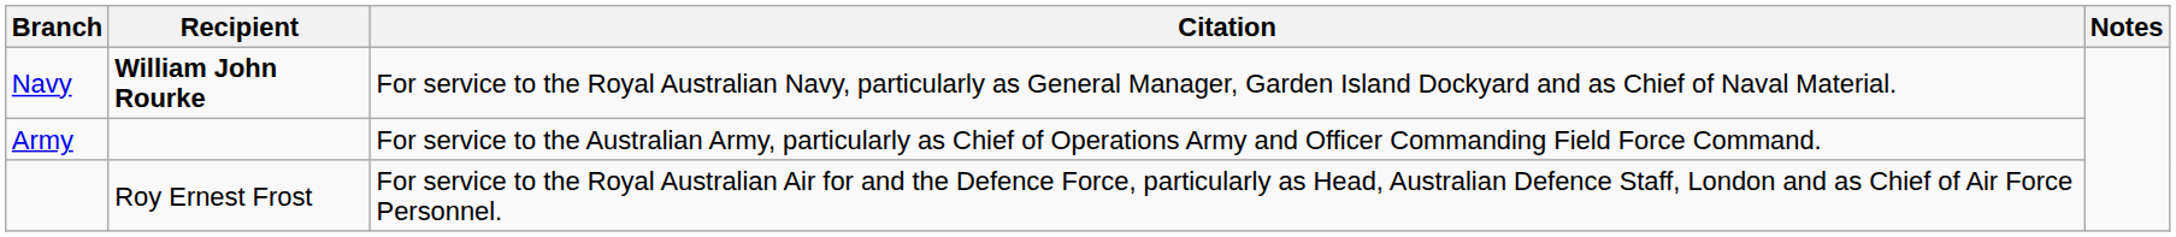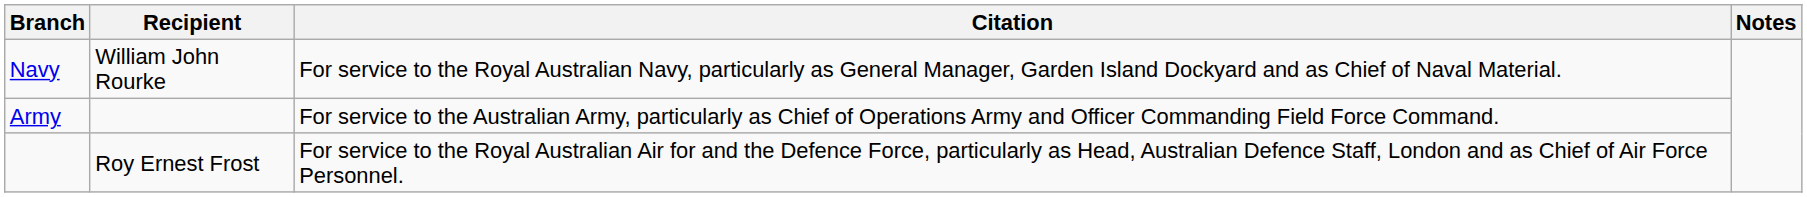 <table class="wikitable" style="font-size:95%;">
 <tr>
 <th>Branch</th>
 <th>Recipient</th>
 <th>Citation</th>
 <th>Notes</th>
 </tr>
 <tr>
 <td><a href='#'>Navy</a></td>
-<td><strong> William John Rourke</strong></td>
+<td> William John Rourke</td>
 <td>For service to the Royal Australian Navy, particularly as General Manager, Garden Island Dockyard and as Chief of Naval Material.</td>
 <td rowspan=3></td>
 </tr>
 <tr>
 <td><a href='#'>Army</a></td>
 <td></td>
 <td>For service to the Australian Army, particularly as Chief of Operations Army and Officer Commanding Field Force Command.</td>
 </tr>
 <tr>
 <td></td>
 <td> Roy Ernest Frost</td>
 <td>For service to the Royal Australian Air for and the Defence Force, particularly as Head, Australian Defence Staff, London and as Chief of Air Force Personnel.</td>
 </tr>
 </table>
